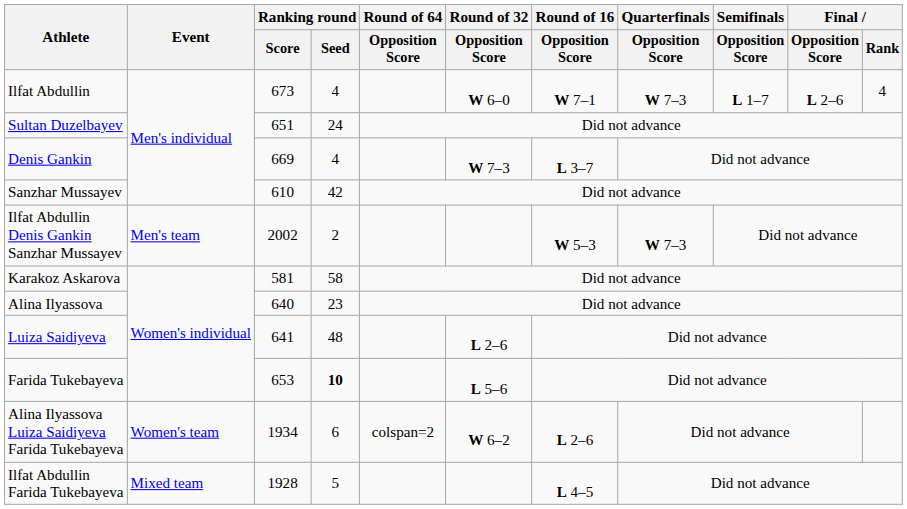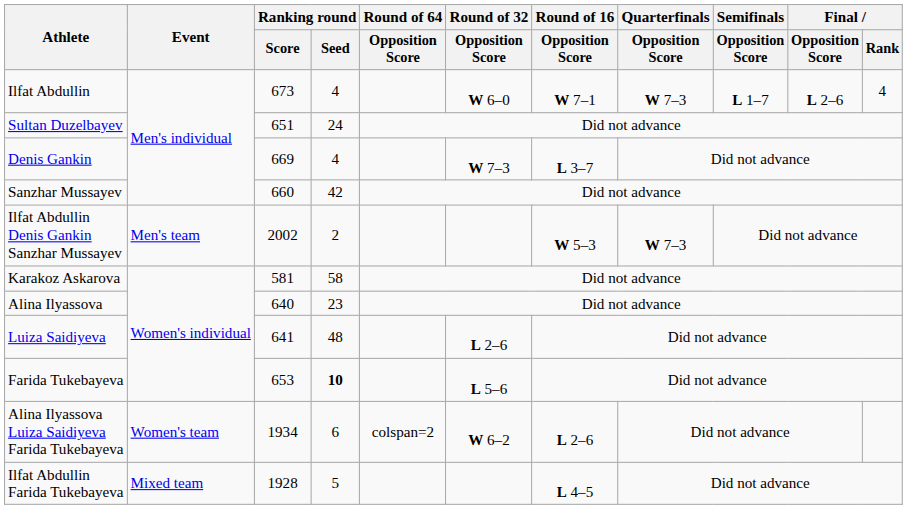 <table class="wikitable" style="font-size:90%; text-align:center;">
 <tr>
 <th rowspan="2">Athlete</th>
 <th rowspan="2">Event</th>
 <th colspan="2">Ranking round</th>
 <th>Round of 64</th>
 <th>Round of 32</th>
 <th>Round of 16</th>
 <th>Quarterfinals</th>
 <th>Semifinals</th>
 <th colspan=2>Final / </th>
 </tr>
 <tr style=font-size:95%>
 <th>Score</th>
 <th>Seed</th>
 <th>Opposition<br>Score</th>
 <th>Opposition<br>Score</th>
 <th>Opposition<br>Score</th>
 <th>Opposition<br>Score</th>
 <th>Opposition<br>Score</th>
 <th>Opposition<br>Score</th>
 <th>Rank</th>
 </tr>
 <tr>
 <td align=left>Ilfat Abdullin</td>
 <td align=left rowspan=4><a href='#'>Men's individual</a></td>
 <td>673</td>
 <td>4</td>
 <td></td>
 <td><br><strong>W</strong> 6–0</td>
 <td><br><strong>W</strong> 7–1</td>
 <td><br><strong>W</strong> 7–3</td>
 <td><br><strong>L</strong> 1–7</td>
 <td><br><strong>L</strong> 2–6</td>
 <td>4</td>
 </tr>
 <tr>
 <td align=left><a href='#'>Sultan Duzelbayev</a></td>
 <td>651</td>
 <td>24</td>
 <td colspan=7>Did not advance</td>
 </tr>
 <tr>
 <td align=left><a href='#'>Denis Gankin</a></td>
 <td>669</td>
 <td>4</td>
 <td></td>
 <td><br><strong>W</strong> 7–3</td>
 <td><br><strong>L</strong> 3–7</td>
 <td colspan=4>Did not advance</td>
 </tr>
 <tr>
 <td align=left>Sanzhar Mussayev</td>
-<td>610</td>
+<td>660</td>
 <td>42</td>
 <td colspan=7>Did not advance</td>
 </tr>
 <tr>
 <td align=left>Ilfat Abdullin<br><a href='#'>Denis Gankin</a><br>Sanzhar Mussayev</td>
 <td align=left><a href='#'>Men's team</a></td>
 <td>2002</td>
 <td>2</td>
 <td></td>
 <td></td>
 <td><br><strong>W</strong> 5–3</td>
 <td><br><strong>W</strong> 7–3</td>
 <td colspan=3>Did not advance</td>
 </tr>
 <tr>
 <td align=left>Karakoz Askarova</td>
 <td align=left rowspan=4><a href='#'>Women's individual</a></td>
 <td>581</td>
 <td>58</td>
 <td colspan=7>Did not advance</td>
 </tr>
 <tr>
 <td align=left>Alina Ilyassova</td>
 <td>640</td>
 <td>23</td>
 <td colspan=7>Did not advance</td>
 </tr>
 <tr>
 <td align=left><a href='#'>Luiza Saidiyeva</a></td>
 <td>641</td>
 <td>48</td>
 <td></td>
 <td><br><strong>L</strong> 2–6</td>
 <td colspan=5>Did not advance</td>
 </tr>
 <tr>
 <td align=left>Farida Tukebayeva</td>
 <td>653</td>
 <td><strong>10</strong></td>
 <td></td>
 <td><br><strong>L</strong> 5–6</td>
 <td colspan=5>Did not advance</td>
 </tr>
 <tr>
 <td align=left>Alina Ilyassova<br><a href='#'>Luiza Saidiyeva</a><br>Farida Tukebayeva</td>
 <td align=left><a href='#'>Women's team</a></td>
 <td>1934</td>
 <td>6</td>
 <td>colspan=2</td>
 <td><br><strong>W</strong> 6–2</td>
 <td><br><strong>L</strong> 2–6</td>
 <td colspan=3>Did not advance</td>
 </tr>
 <tr>
 <td align=left>Ilfat Abdullin<br>Farida Tukebayeva</td>
 <td align=left><a href='#'>Mixed team</a></td>
 <td>1928</td>
 <td>5</td>
 <td></td>
 <td></td>
 <td><br><strong>L</strong> 4–5</td>
 <td colspan=4>Did not advance</td>
 </tr>
 </table>
